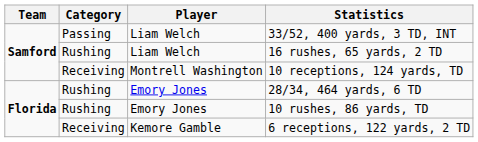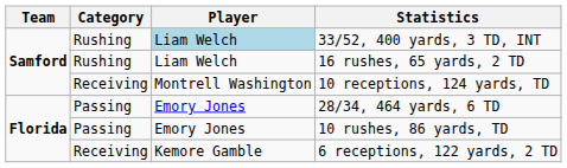 <table class="wikitable" style="float: right;">
 <tr>
 <th>Team</th>
 <th>Category</th>
 <th>Player</th>
 <th>Statistics</th>
 </tr>
 <tr>
 <td rowspan=3><strong>Samford</strong></td>
-<td>Passing</td>
-<td>Liam Welch</td>
+<td>Rushing</td>
+<td style="background: lightblue;">Liam Welch</td>
 <td>33/52, 400 yards, 3 TD, INT</td>
 </tr>
 <tr>
 <td>Rushing</td>
 <td>Liam Welch</td>
 <td>16 rushes, 65 yards, 2 TD</td>
 </tr>
 <tr>
 <td>Receiving</td>
 <td>Montrell Washington</td>
 <td>10 receptions, 124 yards, TD</td>
 </tr>
 <tr>
 <td rowspan=3><strong>Florida</strong></td>
-<td>Rushing</td>
+<td>Passing</td>
 <td><a href='#'>Emory Jones</a></td>
 <td>28/34, 464 yards, 6 TD</td>
 </tr>
 <tr>
-<td>Rushing</td>
+<td>Passing</td>
 <td>Emory Jones</td>
 <td>10 rushes, 86 yards, TD</td>
 </tr>
 <tr>
 <td>Receiving</td>
 <td>Kemore Gamble</td>
 <td>6 receptions, 122 yards, 2 TD</td>
 </tr>
 </table>
